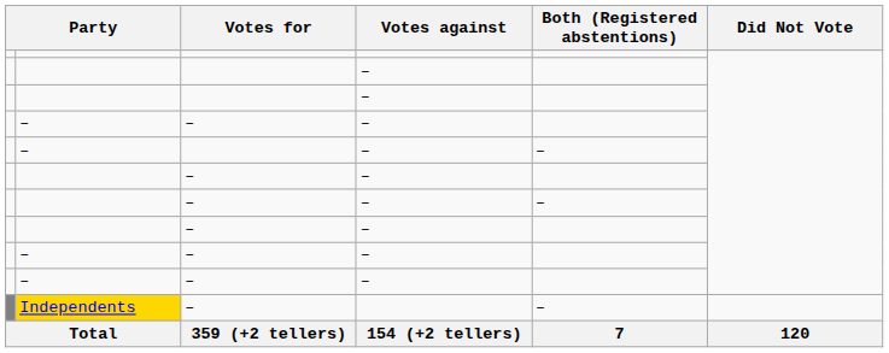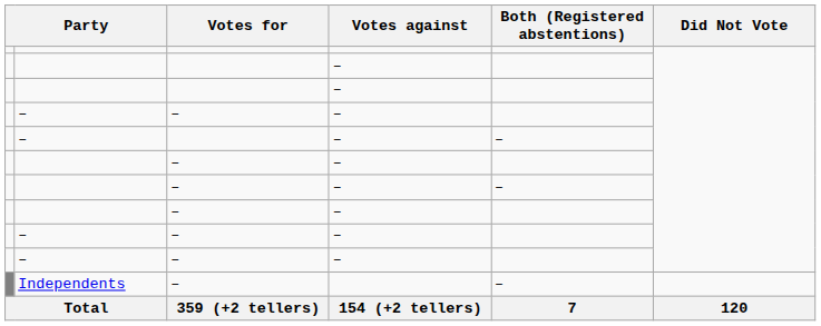 <table class="wikitable" style="width:80%">
 <tr>
 <th style="width:20%;" colspan="2">Party</th>
 <th style="width:20%;">Votes for</th>
 <th style="width:20%;">Votes against</th>
 <th style="width:20%;">Both (Registered abstentions)</th>
 <th style="width:20%;">Did Not Vote</th>
 </tr>
 <tr>
 <td></td>
 <td></td>
 <td></td>
 <td></td>
 <td></td>
 </tr>
 <tr>
 <td></td>
 <td></td>
 <td></td>
 <td>–</td>
 <td></td>
 </tr>
 <tr>
 <td></td>
 <td></td>
 <td></td>
 <td>–</td>
 <td></td>
 </tr>
 <tr>
 <td></td>
 <td>–</td>
 <td>–</td>
 <td>–</td>
 <td></td>
 </tr>
 <tr>
 <td></td>
 <td>–</td>
 <td></td>
 <td>–</td>
 <td>–</td>
 </tr>
 <tr>
 <td></td>
 <td></td>
 <td>–</td>
 <td>–</td>
 <td></td>
 </tr>
 <tr>
 <td></td>
 <td></td>
 <td>–</td>
 <td>–</td>
 <td>–</td>
 </tr>
 <tr>
 <td></td>
 <td></td>
 <td>–</td>
 <td>–</td>
 <td></td>
 </tr>
 <tr>
 <td></td>
 <td>–</td>
 <td>–</td>
 <td>–</td>
 <td></td>
 </tr>
 <tr>
 <td></td>
 <td>–</td>
 <td>–</td>
 <td>–</td>
 <td></td>
 </tr>
 <tr>
 <td style="color:inherit;background:gray;"></td>
-<td align=left style="background: gold;"><a href='#'>Independents</a></td>
+<td align=left><a href='#'>Independents</a></td>
 <td>–</td>
 <td></td>
 <td>–</td>
 <td></td>
 </tr>
 <tr>
 <th colspan=2>Total</th>
 <th>359 (+2 tellers)</th>
 <th>154 (+2 tellers)</th>
 <th>7</th>
 <th>120</th>
 </tr>
 </table>
